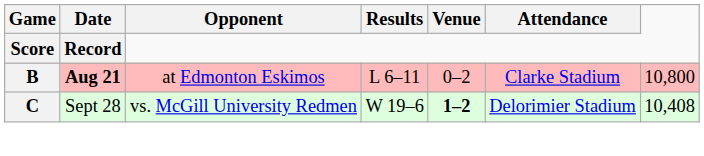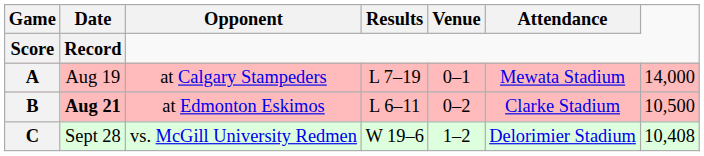 <table class="wikitable" style="text-align:center">
 <tr>
 <th scope="col">Game</th>
 <th scope="col">Date</th>
 <th scope="col">Opponent</th>
 <th scope="col">Results</th>
 <th scope="col">Venue</th>
 <th scope="col">Attendance</th>
 </tr>
 <tr>
 <th scope="col">Score</th>
 <th scope="col">Record</th>
 </tr>
 <tr style="background:#ffbbbb">
+<th>A</th>
+<td>Aug 19</td>
+<td>at <a href='#'>Calgary Stampeders</a></td>
+<td>L 7–19</td>
+<td>0–1</td>
+<td><a href='#'>Mewata Stadium</a></td>
+<td>14,000</td>
+</tr>
+<tr style="background:#ffbbbb">
 <th>B</th>
 <td><strong>Aug 21</strong></td>
 <td>at <a href='#'>Edmonton Eskimos</a></td>
 <td>L 6–11</td>
 <td>0–2</td>
 <td><a href='#'>Clarke Stadium</a></td>
-<td>10,800</td>
+<td>10,500</td>
 </tr>
 <tr style="background:#ddffdd">
 <th>C</th>
 <td>Sept 28</td>
 <td>vs. <a href='#'>McGill University Redmen</a></td>
 <td>W 19–6</td>
-<td><strong>1–2</strong></td>
+<td>1–2</td>
 <td><a href='#'>Delorimier Stadium</a></td>
 <td>10,408</td>
 </tr>
 </table>
